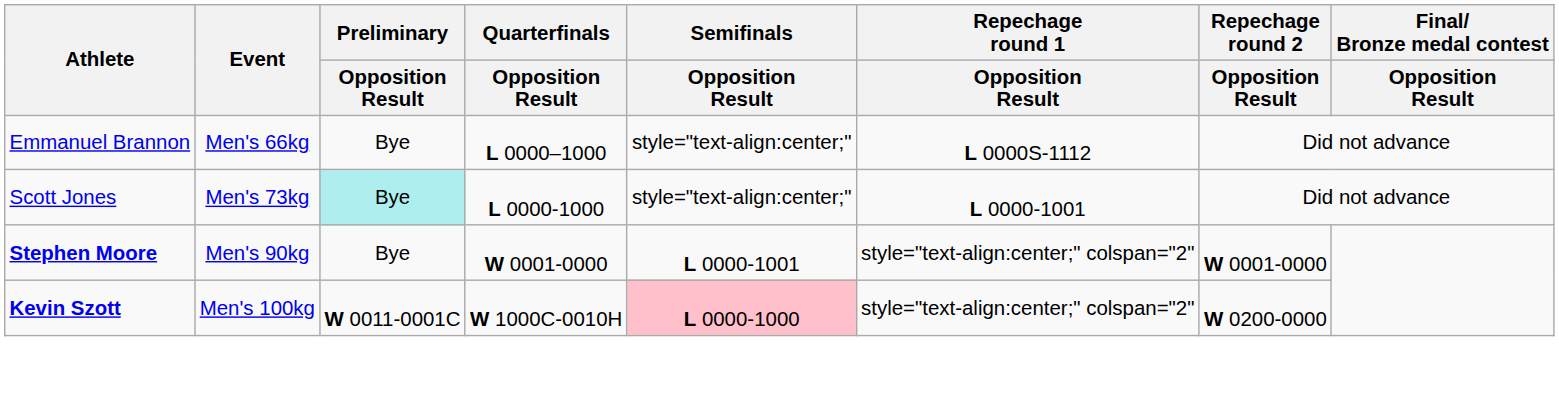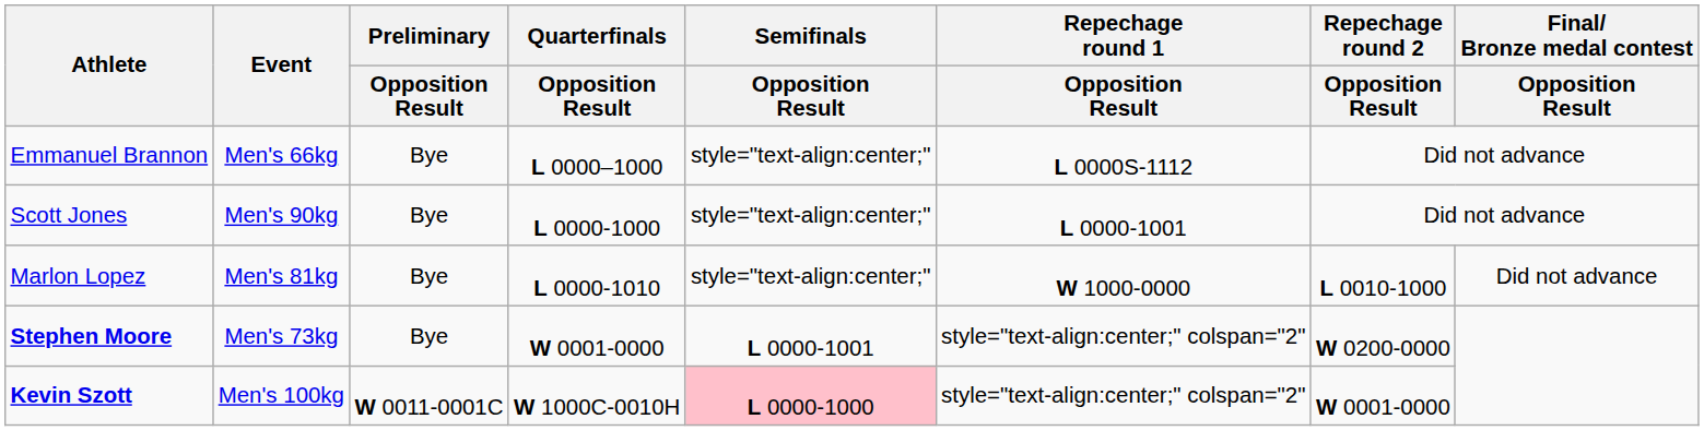 <table class=wikitable style="font-size:90%">
 <tr>
 <th rowspan="2">Athlete</th>
 <th rowspan="2">Event</th>
 <th>Preliminary</th>
 <th>Quarterfinals</th>
 <th>Semifinals</th>
 <th>Repechage <br>round 1</th>
 <th>Repechage <br>round 2</th>
 <th>Final/<br>Bronze medal contest</th>
 </tr>
 <tr>
 <th>Opposition<br>Result</th>
 <th>Opposition<br>Result</th>
 <th>Opposition<br>Result</th>
 <th>Opposition<br>Result</th>
 <th>Opposition<br>Result</th>
 <th>Opposition<br>Result</th>
 </tr>
 <tr>
 <td><a href='#'>Emmanuel Brannon</a></td>
 <td style="text-align:center;"><a href='#'>Men's 66kg</a></td>
 <td style="text-align:center;">Bye</td>
 <td style="text-align:center;"><br> <strong>L</strong> 0000–1000</td>
 <td>style="text-align:center;" </td>
 <td style="text-align:center;"><br> <strong>L</strong> 0000S-1112</td>
 <td style="text-align:center;" colspan="2">Did not advance</td>
 </tr>
 <tr>
 <td><a href='#'>Scott Jones</a></td>
-<td style="text-align:center;"><a href='#'>Men's 73kg</a></td>
-<td style="background: paleturquoise; text-align:center;">Bye</td>
+<td style="text-align:center;"><a href='#'>Men's 90kg</a></td>
+<td style="text-align:center;">Bye</td>
 <td style="text-align:center;"><br> <strong>L</strong> 0000-1000</td>
 <td>style="text-align:center;" </td>
 <td style="text-align:center;"><br> <strong>L</strong> 0000-1001</td>
 <td style="text-align:center;" colspan="2">Did not advance</td>
 </tr>
 <tr>
+<td><a href='#'>Marlon Lopez</a></td>
+<td style="text-align:center;"><a href='#'>Men's 81kg</a></td>
+<td style="text-align:center;">Bye</td>
+<td style="text-align:center;"><br> <strong>L</strong> 0000-1010</td>
+<td>style="text-align:center;" </td>
+<td style="text-align:center;"><br> <strong>W</strong> 1000-0000</td>
+<td style="text-align:center;"><br> <strong>L</strong> 0010-1000</td>
+<td style="text-align:center;">Did not advance</td>
+</tr>
+<tr>
 <td><strong><a href='#'>Stephen Moore</a></strong></td>
-<td style="text-align:center;"><a href='#'>Men's 90kg</a></td>
+<td style="text-align:center;"><a href='#'>Men's 73kg</a></td>
 <td style="text-align:center;">Bye</td>
 <td style="text-align:center;"><br> <strong>W</strong> 0001-0000</td>
 <td style="text-align:center;"><br> <strong>L</strong> 0000-1001</td>
 <td>style="text-align:center;" colspan="2" </td>
-<td style="text-align:center;"><br> <strong>W</strong> 0001-0000 </td>
+<td style="text-align:center;"><br> <strong>W</strong> 0200-0000 </td>
 </tr>
 <tr>
 <td><strong><a href='#'>Kevin Szott</a></strong></td>
 <td style="text-align:center;"><a href='#'>Men's 100kg</a></td>
 <td style="text-align:center;"><br> <strong>W</strong> 0011-0001C</td>
 <td style="text-align:center;"><br> <strong>W</strong> 1000C-0010H</td>
 <td style="background: pink; text-align:center;"><br> <strong>L</strong> 0000-1000</td>
 <td>style="text-align:center;" colspan="2" </td>
-<td style="text-align:center;"><br> <strong>W</strong> 0200-0000 </td>
+<td style="text-align:center;"><br> <strong>W</strong> 0001-0000 </td>
 </tr>
 </table>
